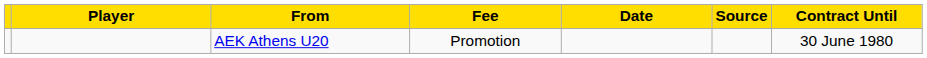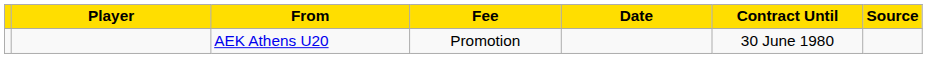 <table class="wikitable sortable">
 <tr>
 <th style="background:#FFDE00"></th>
 <th width=200 style="background:#FFDE00">Player</th>
 <th width=200 style="background:#FFDE00">From</th>
 <th width=150 style="background:#FFDE00">Fee</th>
 <th width=150 style="background:#FFDE00">Date</th>
+<th width=150 style="background:#FFDE00">Contract Until</th>
 <th style="background:#FFDE00">Source</th>
-<th width=150 style="background:#FFDE00">Contract Until</th>
 </tr>
 <tr>
 <td align=center></td>
 <td></td>
 <td> <a href='#'>AEK Athens U20</a></td>
 <td align=center>Promotion</td>
 <td align=center></td>
+<td align=center>30 June 1980</td>
 <td align=center></td>
-<td align=center>30 June 1980</td>
 </tr>
 </table>
